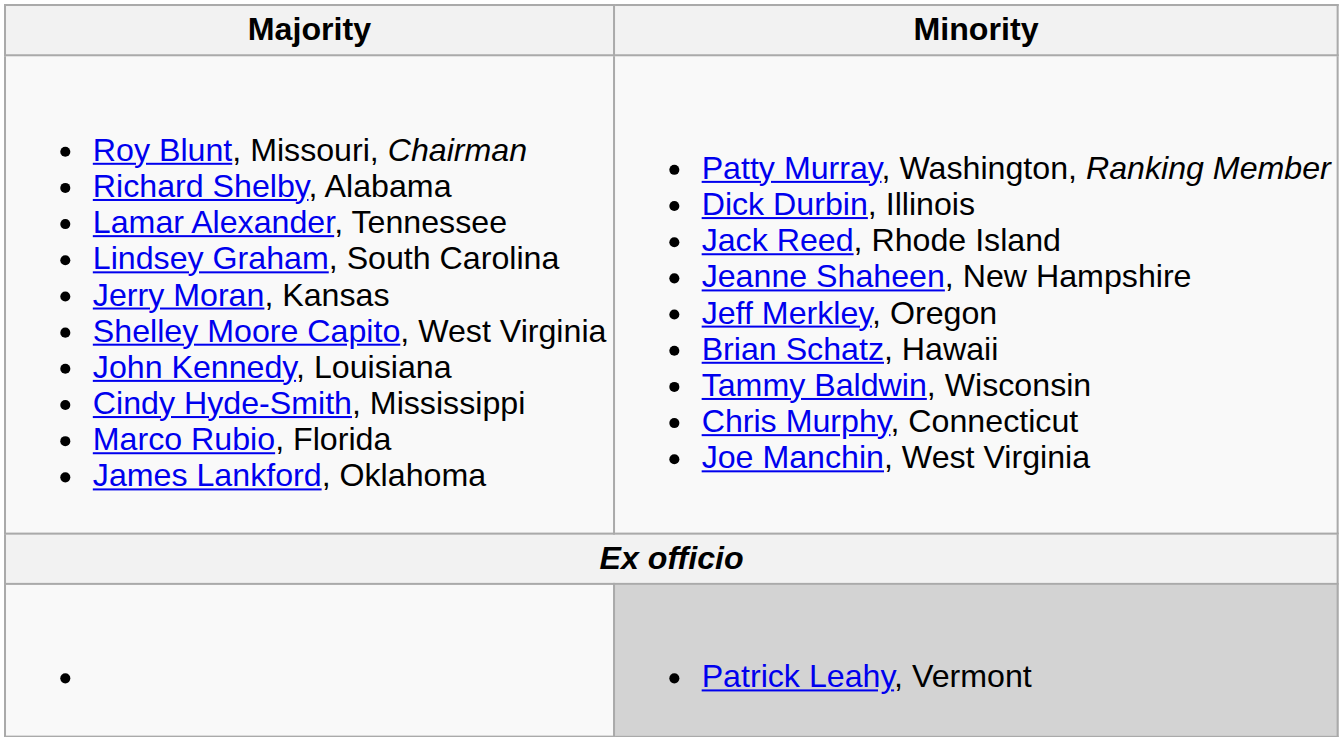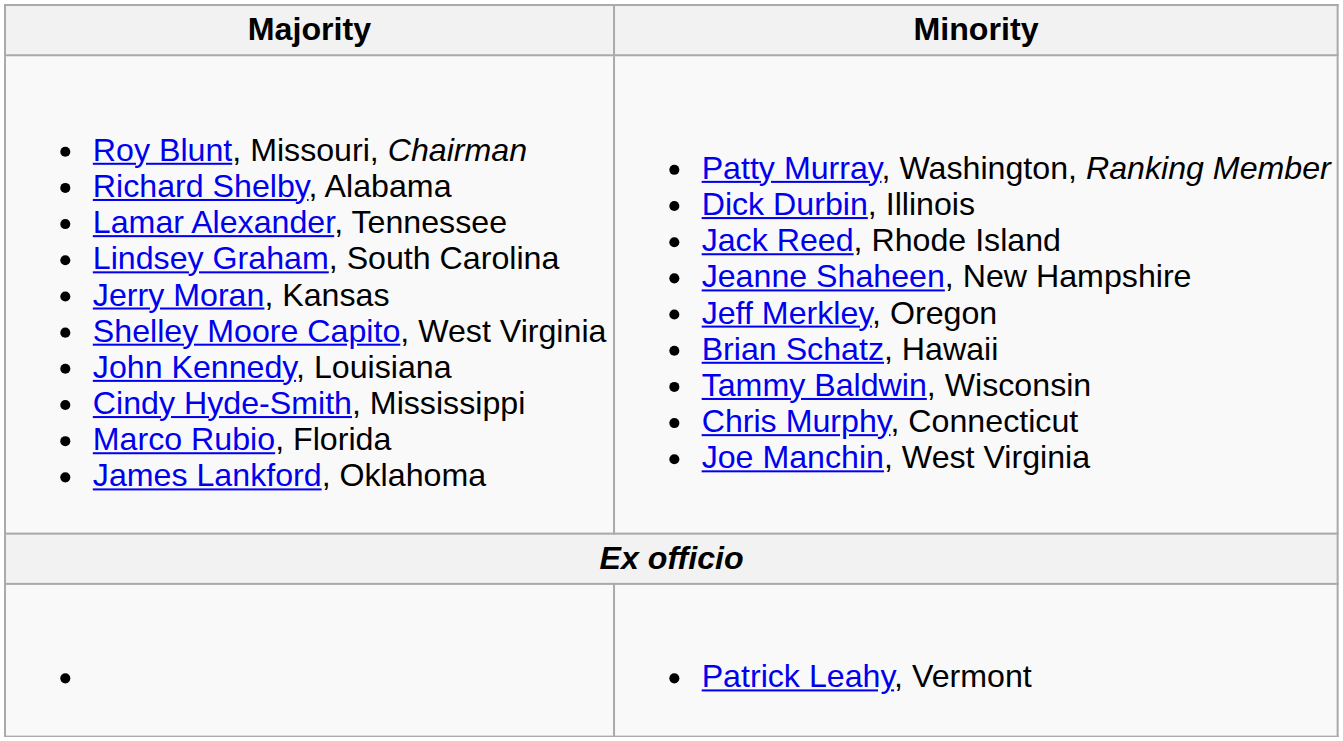 <table class=wikitable>
 <tr>
 <th>Majority</th>
 <th>Minority</th>
 </tr>
 <tr>
 <td><br><ul><li><a href='#'>Roy Blunt</a>, Missouri, <em>Chairman</em></li><li><a href='#'>Richard Shelby</a>, Alabama</li><li><a href='#'>Lamar Alexander</a>, Tennessee</li><li><a href='#'>Lindsey Graham</a>, South Carolina</li><li><a href='#'>Jerry Moran</a>, Kansas</li><li><a href='#'>Shelley Moore Capito</a>, West Virginia</li><li><a href='#'>John Kennedy</a>, Louisiana</li><li><a href='#'>Cindy Hyde-Smith</a>, Mississippi</li><li><a href='#'>Marco Rubio</a>, Florida</li><li><a href='#'>James Lankford</a>, Oklahoma</li></ul></td>
 <td><br><ul><li><a href='#'>Patty Murray</a>, Washington, <em>Ranking Member</em></li><li><a href='#'>Dick Durbin</a>, Illinois</li><li><a href='#'>Jack Reed</a>, Rhode Island</li><li><a href='#'>Jeanne Shaheen</a>, New Hampshire</li><li><a href='#'>Jeff Merkley</a>, Oregon</li><li><a href='#'>Brian Schatz</a>, Hawaii</li><li><a href='#'>Tammy Baldwin</a>, Wisconsin</li><li><a href='#'>Chris Murphy</a>, Connecticut</li><li><a href='#'>Joe Manchin</a>, West Virginia</li></ul></td>
 </tr>
 <tr>
 <th colspan=2 align=center><em>Ex officio</em></th>
 </tr>
 <tr>
 <td><br><ul><li></li></ul></td>
-<td style="background: lightgrey;"><br><ul><li><a href='#'>Patrick Leahy</a>, Vermont</li></ul></td>
+<td><br><ul><li><a href='#'>Patrick Leahy</a>, Vermont</li></ul></td>
 </tr>
 </table>
